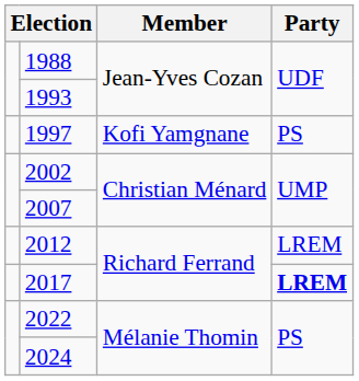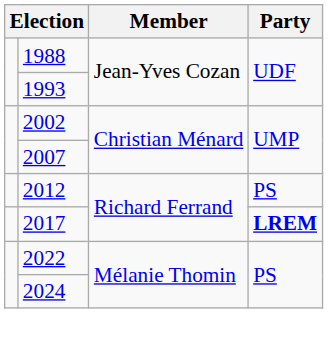 <table class="wikitable">
 <tr>
 <th colspan="2">Election</th>
 <th>Member</th>
 <th>Party</th>
 </tr>
 <tr>
 <td rowspan="2" style="color:inherit;background-color: "></td>
 <td><a href='#'>1988</a></td>
 <td rowspan="2">Jean-Yves Cozan</td>
 <td rowspan="2"><a href='#'>UDF</a></td>
 </tr>
 <tr>
 <td><a href='#'>1993</a></td>
 </tr>
 <tr>
-<td style="color:inherit;background-color: "></td>
-<td><a href='#'>1997</a></td>
-<td><a href='#'>Kofi Yamgnane</a></td>
-<td><a href='#'>PS</a></td>
-</tr>
-<tr>
 <td rowspan="2" style="color:inherit;background-color: "></td>
 <td><a href='#'>2002</a></td>
 <td rowspan="2"><a href='#'>Christian Ménard</a></td>
 <td rowspan="2"><a href='#'>UMP</a></td>
 </tr>
 <tr>
 <td><a href='#'>2007</a></td>
 </tr>
 <tr>
 <td style="color:inherit;background-color: "></td>
 <td><a href='#'>2012</a></td>
 <td rowspan="2"><a href='#'>Richard Ferrand</a></td>
-<td><a href='#'>LREM</a></td>
+<td><a href='#'>PS</a></td>
 </tr>
 <tr>
 <td style="color:inherit;background-color: "></td>
 <td><a href='#'>2017</a></td>
 <td><strong><a href='#'>LREM</a></strong></td>
 </tr>
 <tr>
 <td rowspan="2" style="color:inherit;background-color: "></td>
 <td><a href='#'>2022</a></td>
 <td rowspan="2"><a href='#'>Mélanie Thomin</a></td>
 <td rowspan="2"><a href='#'>PS</a></td>
 </tr>
 <tr>
 <td><a href='#'>2024</a></td>
 </tr>
 </table>
